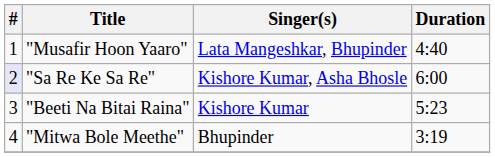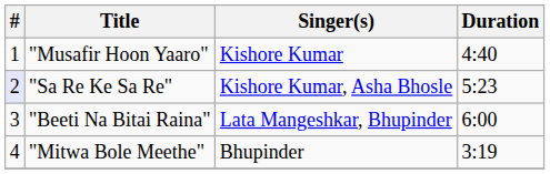 <table class="wikitable" style="font-size:95%;">
 <tr>
 <th>#</th>
 <th>Title</th>
 <th>Singer(s)</th>
 <th>Duration</th>
 </tr>
 <tr>
 <td>1</td>
 <td>"Musafir Hoon Yaaro"</td>
-<td><a href='#'>Lata Mangeshkar</a>, <a href='#'>Bhupinder</a></td>
+<td><a href='#'>Kishore Kumar</a></td>
 <td>4:40</td>
 </tr>
 <tr>
 <td style="background: lavender;">2</td>
 <td>"Sa Re Ke Sa Re"</td>
 <td><a href='#'>Kishore Kumar</a>, <a href='#'>Asha Bhosle</a></td>
-<td>6:00</td>
+<td>5:23</td>
 </tr>
 <tr>
 <td>3</td>
 <td>"Beeti Na Bitai Raina"</td>
-<td><a href='#'>Kishore Kumar</a></td>
-<td>5:23</td>
+<td><a href='#'>Lata Mangeshkar</a>, <a href='#'>Bhupinder</a></td>
+<td>6:00</td>
 </tr>
 <tr>
 <td>4</td>
 <td>"Mitwa Bole Meethe"</td>
 <td>Bhupinder</td>
 <td>3:19</td>
 </tr>
 <tr>
 </tr>
 </table>
